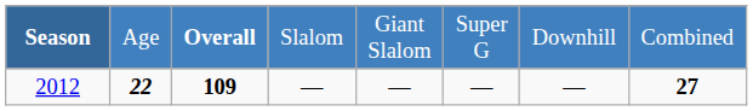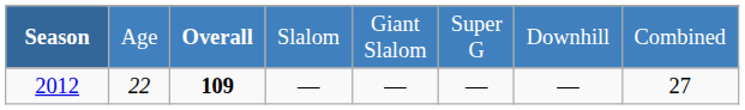 <table class="wikitable" style="font-size:95%; text-align:center; border:grey solid 1px; border-collapse:collapse;" width="40%">
 <tr style="background-color:#369; color:white;">
 <td rowspan="2" colspan="1" width="10%"><strong>Season</strong></td>
 </tr>
 <tr style="background-color:#4180be; color:white;">
 <td width="5%">Age</td>
 <td width="5%"><strong>Overall</strong></td>
 <td width="5%">Slalom</td>
 <td width="5%">Giant<br>Slalom</td>
 <td width="5%">Super G</td>
 <td width="5%">Downhill</td>
 <td width="5%">Combined</td>
 </tr>
 <tr style="background-color:#8CB2D8; color:white;">
 </tr>
 <tr>
 <td><a href='#'>2012</a></td>
-<td><strong><em>22</em></strong></td>
+<td><em>22</em></td>
 <td><strong>109</strong></td>
 <td>—</td>
 <td>—</td>
 <td>—</td>
 <td>—</td>
-<td><strong>27</strong></td>
+<td>27</td>
 </tr>
 </table>
